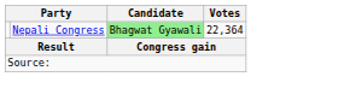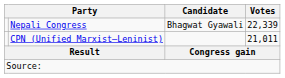 <table class="wikitable">
 <tr>
 <th colspan="2">Party</th>
 <th>Candidate</th>
 <th>Votes</th>
 </tr>
 <tr>
 <td style="background-color:"></td>
 <td><a href='#'>Nepali Congress</a></td>
-<td style="background: lightgreen;">Bhagwat Gyawali</td>
-<td>22,364</td>
+<td>Bhagwat Gyawali</td>
+<td>22,339</td>
+</tr>
+<tr>
+<td style="background-color:"></td>
+<td><a href='#'>CPN (Unified Marxist–Leninist)</a></td>
+<td></td>
+<td>21,011</td>
 </tr>
 <tr>
 <th colspan="2">Result</th>
 <th colspan="2">Congress gain</th>
 </tr>
 <tr>
 <td colspan="4">Source: </td>
 </tr>
 </table>
